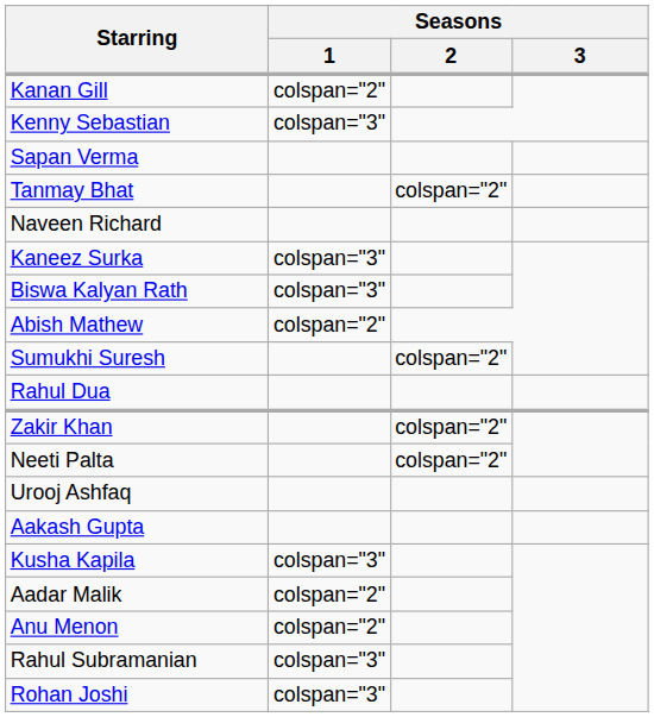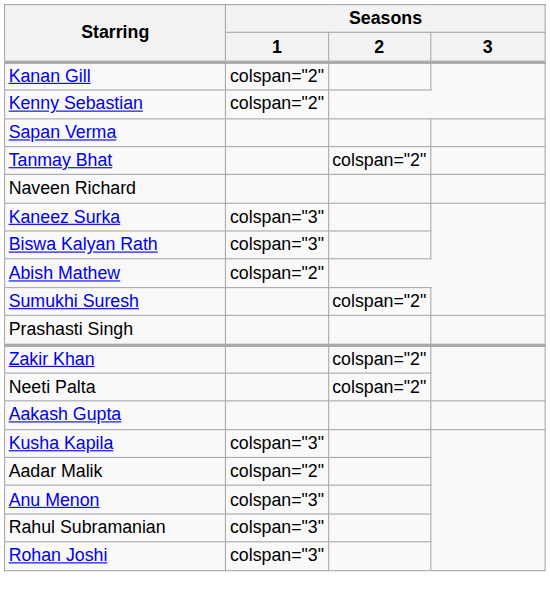 <table class="wikitable plainrowheaders">
 <tr>
 <th scope="col" style="width:12em;" rowspan="2">Starring</th>
 <th scope="col" colspan="3">Seasons</th>
 </tr>
 <tr>
 <th scope="col" style="width:3.5em;">1</th>
 <th scope="col" style="width:3.5em;">2</th>
 <th scope="col" style="width:6em;">3</th>
 </tr>
 <tr style="border-top:3px solid #aaa;">
 </tr>
 <tr>
 <td scope="row"><a href='#'>Kanan Gill</a></td>
 <td>colspan="2" </td>
 <td></td>
 </tr>
 <tr>
 <td scope="row"><a href='#'>Kenny Sebastian</a></td>
-<td>colspan="3" </td>
+<td>colspan="2" </td>
 </tr>
 <tr>
 <td scope="row"><a href='#'>Sapan Verma</a></td>
 <td></td>
 <td></td>
 <td></td>
 </tr>
 <tr>
 <td scope="row"><a href='#'>Tanmay Bhat</a></td>
 <td></td>
 <td>colspan="2" </td>
 </tr>
 <tr>
 <td scope="row">Naveen Richard</td>
 <td></td>
 <td></td>
 <td></td>
 </tr>
 <tr>
 <td scope="row"><a href='#'>Kaneez Surka</a></td>
 <td>colspan="3" </td>
 <td></td>
 </tr>
 <tr>
 <td scope="row"><a href='#'>Biswa Kalyan Rath</a></td>
 <td>colspan="3" </td>
 <td></td>
 </tr>
 <tr>
 <td scope="row"><a href='#'>Abish Mathew</a></td>
 <td>colspan="2" </td>
 </tr>
 <tr>
 <td scope="row"><a href='#'>Sumukhi Suresh</a></td>
 <td></td>
 <td>colspan="2" </td>
 </tr>
 <tr>
-<td scope="row"><a href='#'>Rahul Dua</a></td>
+<td scope="row">Prashasti Singh</td>
 <td></td>
 <td></td>
 <td></td>
 </tr>
 <tr style="border-top:3px solid #aaa;">
 </tr>
 <tr>
 <td scope="row"><a href='#'>Zakir Khan</a></td>
 <td></td>
 <td>colspan="2" </td>
 </tr>
 <tr>
 <td scope="row">Neeti Palta</td>
 <td></td>
 <td>colspan="2" </td>
-</tr>
-<tr>
-<td scope="row">Urooj Ashfaq</td>
-<td></td>
-<td></td>
-<td></td>
 </tr>
 <tr>
 <td scope="row"><a href='#'>Aakash Gupta</a></td>
 <td></td>
 <td></td>
 <td></td>
 </tr>
 <tr>
 <td scope="row"><a href='#'>Kusha Kapila</a></td>
 <td>colspan="3" </td>
 <td></td>
 </tr>
 <tr>
 <td scope="row">Aadar Malik</td>
 <td>colspan="2" </td>
 <td></td>
 </tr>
 <tr>
 <td scope="row"><a href='#'>Anu Menon</a></td>
-<td>colspan="2" </td>
+<td>colspan="3" </td>
 <td></td>
 </tr>
 <tr>
 <td scope="row">Rahul Subramanian</td>
 <td>colspan="3" </td>
 <td></td>
 </tr>
 <tr>
 <td scope="row"><a href='#'>Rohan Joshi</a></td>
 <td>colspan="3" </td>
 <td></td>
 </tr>
 </table>
